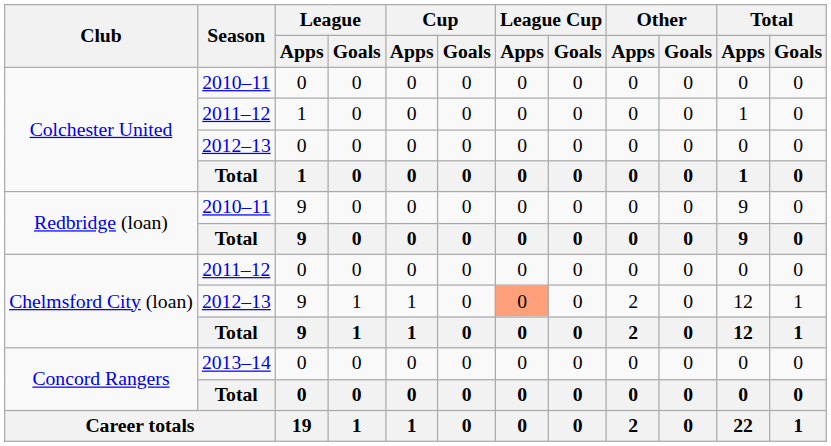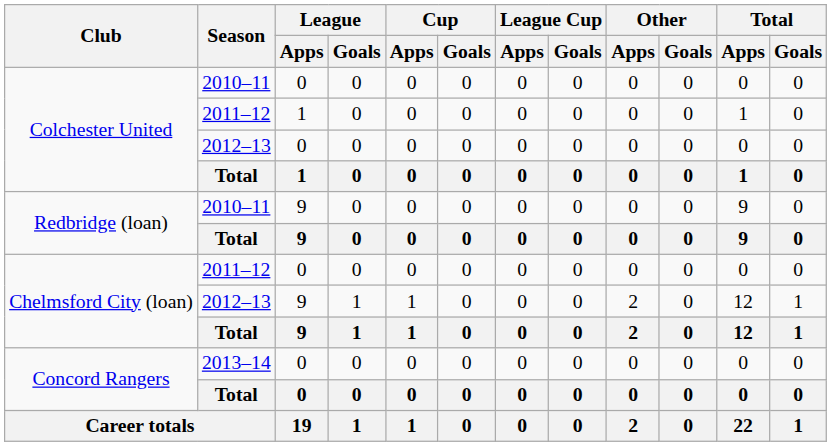 <table class="wikitable" style="text-align: center;">
 <tr>
 <th rowspan="2">Club</th>
 <th rowspan="2">Season</th>
 <th colspan="2">League</th>
 <th colspan="2">Cup</th>
 <th colspan="2">League Cup</th>
 <th colspan="2">Other</th>
 <th colspan="2">Total</th>
 </tr>
 <tr>
 <th>Apps</th>
 <th>Goals</th>
 <th>Apps</th>
 <th>Goals</th>
 <th>Apps</th>
 <th>Goals</th>
 <th>Apps</th>
 <th>Goals</th>
 <th>Apps</th>
 <th>Goals</th>
 </tr>
 <tr>
 <td rowspan="4" valign="centre"><a href='#'>Colchester United</a></td>
 <td><a href='#'>2010–11</a></td>
 <td>0</td>
 <td>0</td>
 <td>0</td>
 <td>0</td>
 <td>0</td>
 <td>0</td>
 <td>0</td>
 <td>0</td>
 <td>0</td>
 <td>0</td>
 </tr>
 <tr>
 <td><a href='#'>2011–12</a></td>
 <td>1</td>
 <td>0</td>
 <td>0</td>
 <td>0</td>
 <td>0</td>
 <td>0</td>
 <td>0</td>
 <td>0</td>
 <td>1</td>
 <td>0</td>
 </tr>
 <tr>
 <td><a href='#'>2012–13</a></td>
 <td>0</td>
 <td>0</td>
 <td>0</td>
 <td>0</td>
 <td>0</td>
 <td>0</td>
 <td>0</td>
 <td>0</td>
 <td>0</td>
 <td>0</td>
 </tr>
 <tr>
 <th>Total</th>
 <th>1</th>
 <th>0</th>
 <th>0</th>
 <th>0</th>
 <th>0</th>
 <th>0</th>
 <th>0</th>
 <th>0</th>
 <th>1</th>
 <th>0</th>
 </tr>
 <tr>
 <td rowspan="2" valign="centre"><a href='#'>Redbridge</a> (loan)</td>
 <td><a href='#'>2010–11</a></td>
 <td>9</td>
 <td>0</td>
 <td>0</td>
 <td>0</td>
 <td>0</td>
 <td>0</td>
 <td>0</td>
 <td>0</td>
 <td>9</td>
 <td>0</td>
 </tr>
 <tr>
 <th>Total</th>
 <th>9</th>
 <th>0</th>
 <th>0</th>
 <th>0</th>
 <th>0</th>
 <th>0</th>
 <th>0</th>
 <th>0</th>
 <th>9</th>
 <th>0</th>
 </tr>
 <tr>
 <td rowspan="3" valign="centre"><a href='#'>Chelmsford City</a> (loan)</td>
 <td><a href='#'>2011–12</a></td>
 <td>0</td>
 <td>0</td>
 <td>0</td>
 <td>0</td>
 <td>0</td>
 <td>0</td>
 <td>0</td>
 <td>0</td>
 <td>0</td>
 <td>0</td>
 </tr>
 <tr>
 <td><a href='#'>2012–13</a></td>
 <td>9</td>
 <td>1</td>
 <td>1</td>
 <td>0</td>
-<td style="background: lightsalmon;">0</td>
+<td>0</td>
 <td>0</td>
 <td>2</td>
 <td>0</td>
 <td>12</td>
 <td>1</td>
 </tr>
 <tr>
 <th>Total</th>
 <th>9</th>
 <th>1</th>
 <th>1</th>
 <th>0</th>
 <th>0</th>
 <th>0</th>
 <th>2</th>
 <th>0</th>
 <th>12</th>
 <th>1</th>
 </tr>
 <tr>
 <td rowspan="2" valign="centre"><a href='#'>Concord Rangers</a></td>
 <td><a href='#'>2013–14</a></td>
 <td>0</td>
 <td>0</td>
 <td>0</td>
 <td>0</td>
 <td>0</td>
 <td>0</td>
 <td>0</td>
 <td>0</td>
 <td>0</td>
 <td>0</td>
 </tr>
 <tr>
 <th>Total</th>
 <th>0</th>
 <th>0</th>
 <th>0</th>
 <th>0</th>
 <th>0</th>
 <th>0</th>
 <th>0</th>
 <th>0</th>
 <th>0</th>
 <th>0</th>
 </tr>
 <tr>
 <th colspan="2">Career totals</th>
 <th>19</th>
 <th>1</th>
 <th>1</th>
 <th>0</th>
 <th>0</th>
 <th>0</th>
 <th>2</th>
 <th>0</th>
 <th>22</th>
 <th>1</th>
 </tr>
 </table>
